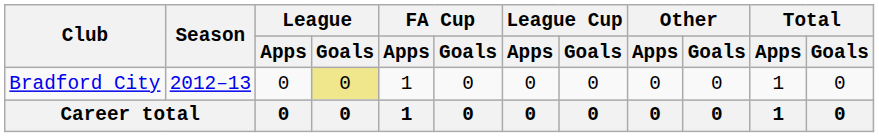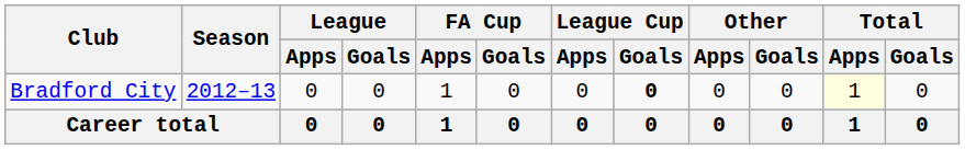 <table class="wikitable" style="text-align: center;">
 <tr>
 <th rowspan="2">Club</th>
 <th rowspan="2">Season</th>
 <th colspan="2">League</th>
 <th colspan="2">FA Cup</th>
 <th colspan="2">League Cup</th>
 <th colspan="2">Other</th>
 <th colspan="2">Total</th>
 </tr>
 <tr>
 <th>Apps</th>
 <th>Goals</th>
 <th>Apps</th>
 <th>Goals</th>
 <th>Apps</th>
 <th>Goals</th>
 <th>Apps</th>
 <th>Goals</th>
 <th>Apps</th>
 <th>Goals</th>
 </tr>
 <tr>
 <td rowspan="1" valign="center"><a href='#'>Bradford City</a></td>
 <td><a href='#'>2012–13</a></td>
 <td>0</td>
-<td style="background: khaki;">0</td>
+<td>0</td>
 <td>1</td>
 <td>0</td>
 <td>0</td>
+<td><strong>0</strong></td>
 <td>0</td>
 <td>0</td>
-<td>0</td>
-<td>1</td>
+<td style="background: lightyellow;">1</td>
 <td>0</td>
 </tr>
 <tr>
 <th colspan="2">Career total</th>
 <th>0</th>
 <th>0</th>
 <th>1</th>
 <th>0</th>
 <th>0</th>
 <th>0</th>
 <th>0</th>
 <th>0</th>
 <th>1</th>
 <th>0</th>
 </tr>
 </table>
